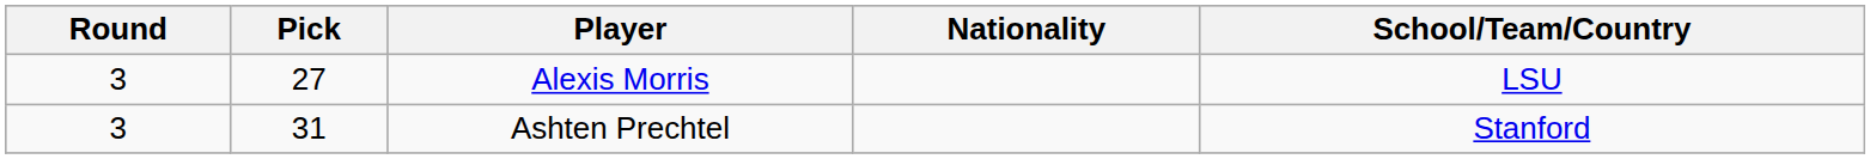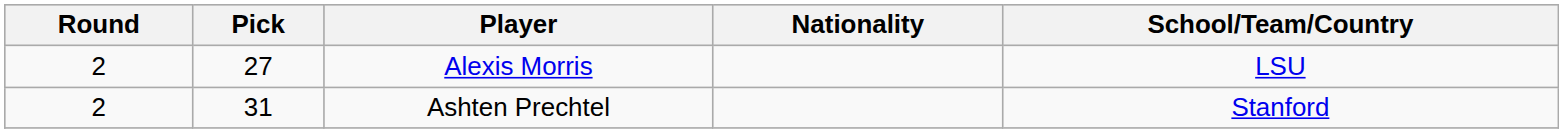 <table class="wikitable" style="text-align:center; width:60em">
 <tr>
 <th>Round</th>
 <th>Pick</th>
 <th>Player</th>
 <th>Nationality</th>
 <th>School/Team/Country</th>
 </tr>
 <tr>
-<td>3</td>
+<td>2</td>
 <td>27</td>
 <td><a href='#'>Alexis Morris</a></td>
 <td></td>
 <td><a href='#'>LSU</a></td>
 </tr>
 <tr>
-<td>3</td>
+<td>2</td>
 <td>31</td>
 <td>Ashten Prechtel</td>
 <td></td>
 <td><a href='#'>Stanford</a></td>
 </tr>
 </table>
